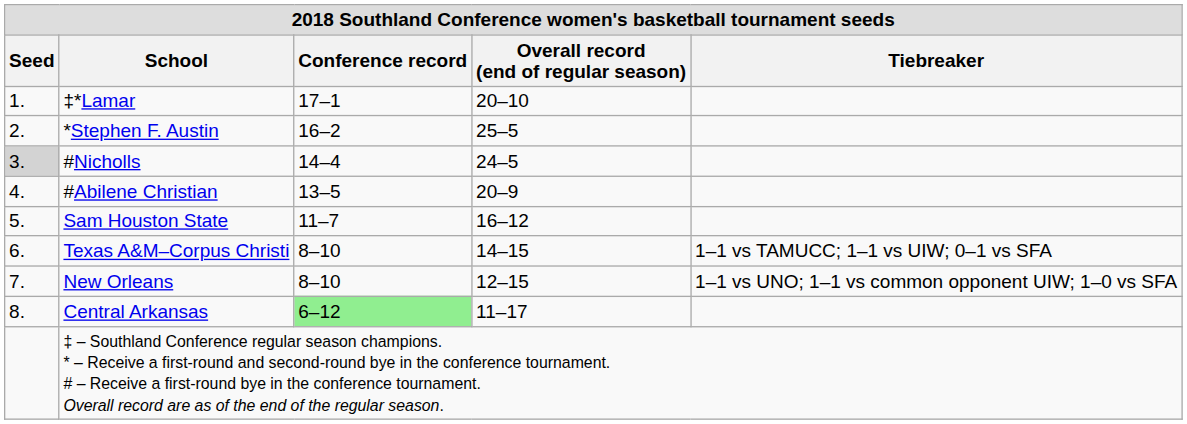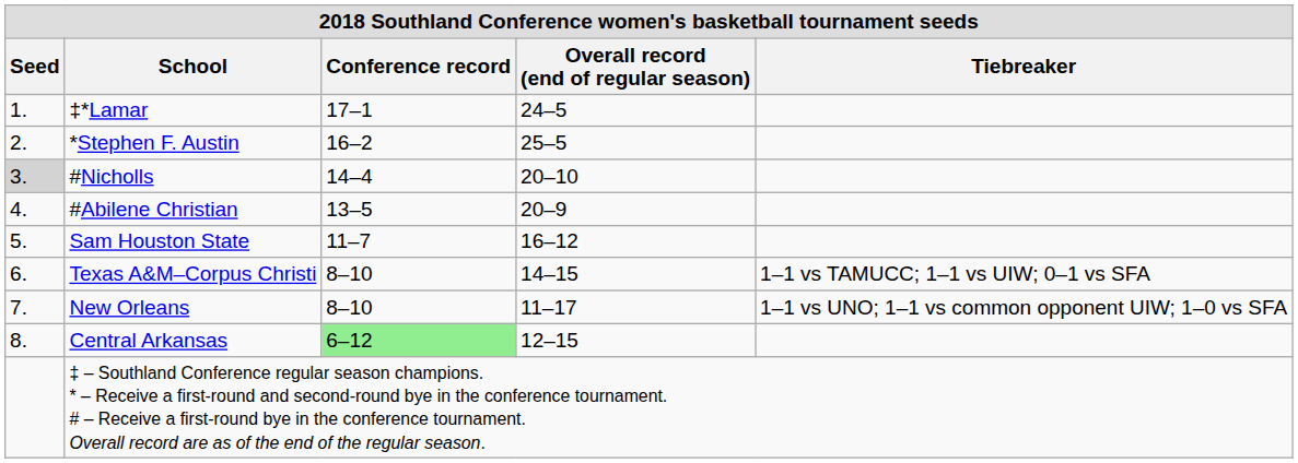 <table class="wikitable" style="white-space:nowrap; font-size:90%;">
 <tr>
 <td colspan="7" style="text-align:center; background:#DDDDDD; font:#000000"><strong>2018 Southland Conference women's basketball tournament seeds</strong></td>
 </tr>
 <tr bgcolor="#efefef">
 <th>Seed</th>
 <th>School</th>
 <th>Conference record</th>
 <th>Overall record <br>(end of regular season)</th>
 <th>Tiebreaker</th>
 </tr>
 <tr>
 <td>1.</td>
 <td>‡*<a href='#'>Lamar</a></td>
 <td>17–1</td>
-<td>20–10</td>
+<td>24–5</td>
 <td></td>
 </tr>
 <tr>
 <td>2.</td>
 <td>*<a href='#'>Stephen F. Austin</a></td>
 <td>16–2</td>
 <td>25–5</td>
 <td></td>
 </tr>
 <tr>
 <td style="background: lightgrey;">3.</td>
 <td>#<a href='#'>Nicholls</a></td>
 <td>14–4</td>
-<td>24–5</td>
+<td>20–10</td>
 <td></td>
 </tr>
 <tr>
 <td>4.</td>
 <td>#<a href='#'>Abilene Christian</a></td>
 <td>13–5</td>
 <td>20–9</td>
 <td></td>
 </tr>
 <tr>
 <td>5.</td>
 <td><a href='#'>Sam Houston State</a></td>
 <td>11–7</td>
 <td>16–12</td>
 <td></td>
 </tr>
 <tr>
 <td>6.</td>
 <td><a href='#'>Texas A&M–Corpus Christi</a></td>
 <td>8–10</td>
 <td>14–15</td>
 <td>1–1 vs TAMUCC; 1–1 vs UIW; 0–1 vs SFA</td>
 </tr>
 <tr>
 <td>7.</td>
 <td><a href='#'>New Orleans</a></td>
 <td>8–10</td>
-<td>12–15</td>
+<td>11–17</td>
 <td>1–1 vs UNO; 1–1 vs common opponent UIW; 1–0 vs SFA</td>
 </tr>
 <tr>
 <td>8.</td>
 <td><a href='#'>Central Arkansas</a></td>
 <td style="background: lightgreen;">6–12</td>
-<td>11–17</td>
+<td>12–15</td>
 </tr>
 <tr>
 <td></td>
 <td colspan=6 align=left><small>‡ – Southland Conference regular season champions.<br>* – Receive a first-round and second-round bye in the conference tournament.<br># – Receive a first-round bye in the conference tournament. <br><em>Overall record are as of the end of the regular season</em>.</small></td>
 </tr>
 </table>
